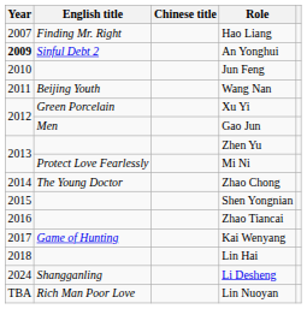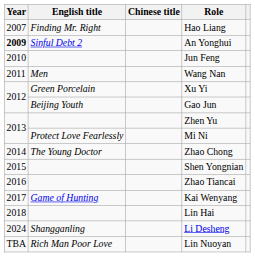 <table class="wikitable">
 <tr>
 <th>Year</th>
 <th>English title</th>
 <th>Chinese title</th>
 <th>Role</th>
 <th></th>
 </tr>
 <tr>
 <td>2007</td>
 <td><em>Finding Mr. Right</em></td>
 <td></td>
 <td>Hao Liang</td>
 <td></td>
 </tr>
 <tr>
 <td><strong>2009</strong></td>
 <td><em><a href='#'>Sinful Debt 2</a></em></td>
 <td></td>
 <td>An Yonghui</td>
 <td></td>
 </tr>
 <tr>
 <td>2010</td>
 <td></td>
 <td></td>
 <td>Jun Feng</td>
 <td></td>
 </tr>
 <tr>
 <td>2011</td>
-<td><em>Beijing Youth</em></td>
+<td><em>Men</em></td>
 <td></td>
 <td>Wang Nan</td>
 <td></td>
 </tr>
 <tr>
 <td rowspan="2">2012</td>
 <td><em>Green Porcelain</em></td>
 <td></td>
 <td>Xu Yi</td>
 <td></td>
 </tr>
 <tr>
-<td><em>Men</em></td>
+<td><em>Beijing Youth</em></td>
 <td></td>
 <td>Gao Jun</td>
 <td></td>
 </tr>
 <tr>
 <td rowspan="2">2013</td>
 <td></td>
 <td></td>
 <td>Zhen Yu</td>
 <td></td>
 </tr>
 <tr>
 <td><em>Protect Love Fearlessly</em></td>
 <td></td>
 <td>Mi Ni</td>
 <td></td>
 </tr>
 <tr>
 <td>2014</td>
 <td><em>The Young Doctor</em></td>
 <td></td>
 <td>Zhao Chong</td>
 <td></td>
 </tr>
 <tr>
 <td>2015</td>
 <td></td>
 <td></td>
 <td>Shen Yongnian</td>
 <td></td>
 </tr>
 <tr>
 <td>2016</td>
 <td></td>
 <td></td>
 <td>Zhao Tiancai</td>
 <td></td>
 </tr>
 <tr>
 <td>2017</td>
 <td><em><a href='#'>Game of Hunting</a></em></td>
 <td></td>
 <td>Kai Wenyang</td>
 <td></td>
 </tr>
 <tr>
 <td>2018</td>
 <td></td>
 <td></td>
 <td>Lin Hai</td>
 <td></td>
 </tr>
 <tr>
 <td>2024</td>
 <td><em>Shangganling</em></td>
 <td></td>
 <td><a href='#'>Li Desheng</a></td>
 <td></td>
 </tr>
 <tr>
 <td>TBA</td>
 <td><em>Rich Man Poor Love</em></td>
 <td></td>
 <td>Lin Nuoyan</td>
 <td></td>
 </tr>
 </table>
